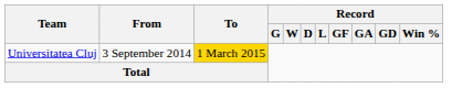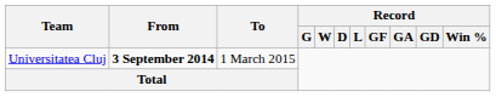 <table class="wikitable" style="text-align: center">
 <tr>
 <th rowspan=2>Team</th>
 <th rowspan=2>From</th>
 <th rowspan=2>To</th>
 <th colspan=8>Record</th>
 </tr>
 <tr>
 <th>G</th>
 <th>W</th>
 <th>D</th>
 <th>L</th>
 <th>GF</th>
 <th>GA</th>
 <th>GD</th>
 <th>Win %</th>
 </tr>
 <tr>
 <td align=left> <a href='#'>Universitatea Cluj</a></td>
-<td align=left>3 September 2014</td>
-<td align=left style="background: gold;">1 March 2015<br></td>
+<td align=left><strong>3 September 2014</strong></td>
+<td align=left>1 March 2015<br></td>
 </tr>
 <tr>
 <th colspan="3">Total<br></th>
 </tr>
 </table>
